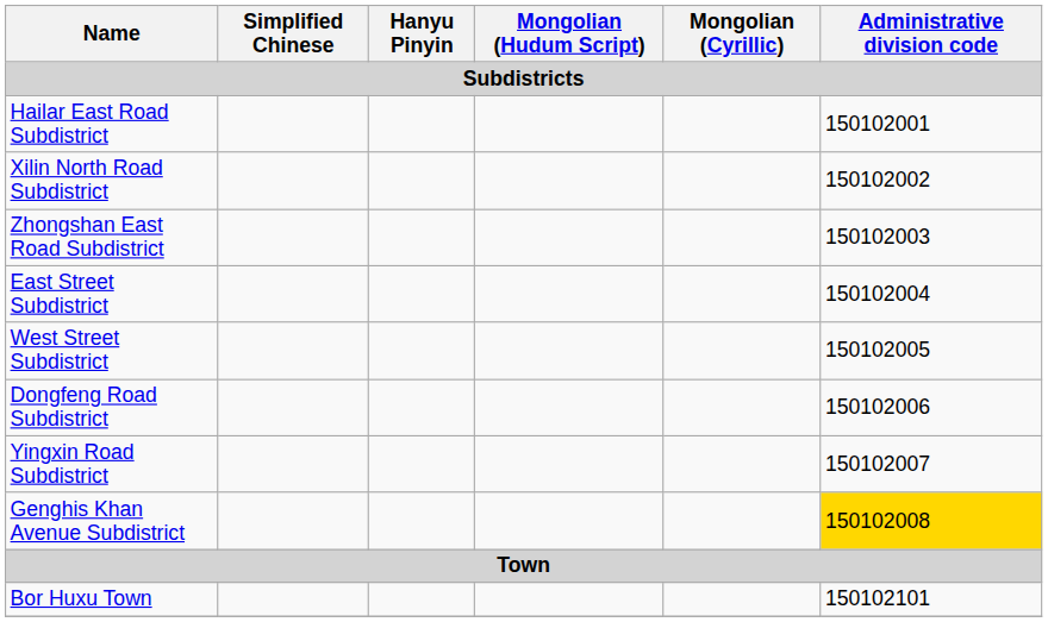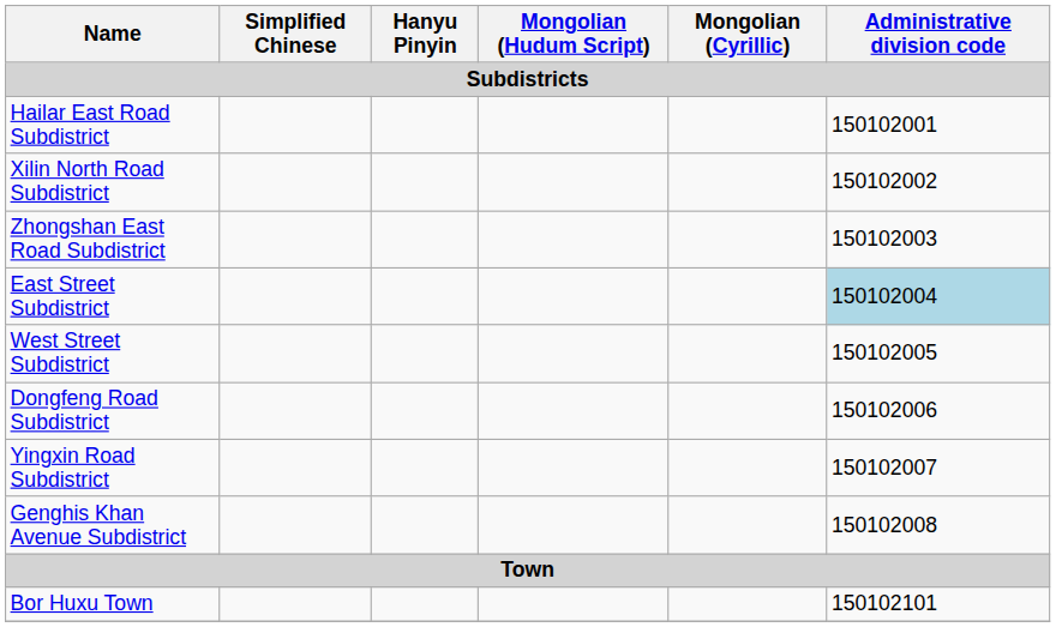 <table class="wikitable" align="center" style="width:50%; border="1">
 <tr>
 <th>Name</th>
 <th>Simplified Chinese</th>
 <th>Hanyu Pinyin</th>
 <th><a href='#'>Mongolian</a> (<a href='#'>Hudum Script</a>)</th>
 <th>Mongolian (<a href='#'>Cyrillic</a>)</th>
 <th><a href='#'>Administrative division code</a></th>
 </tr>
 <tr>
 <td colspan="6"  style="text-align:center; background:#d3d3d3;"><strong>Subdistricts</strong></td>
 </tr>
 <tr --------->
 <td><a href='#'>Hailar East Road Subdistrict</a></td>
 <td></td>
 <td></td>
 <td></td>
 <td></td>
 <td>150102001</td>
 </tr>
 <tr>
 <td><a href='#'>Xilin North Road Subdistrict</a></td>
 <td></td>
 <td></td>
 <td></td>
 <td></td>
 <td>150102002</td>
 </tr>
 <tr>
 <td><a href='#'>Zhongshan East Road Subdistrict</a></td>
 <td></td>
 <td></td>
 <td></td>
 <td></td>
 <td>150102003</td>
 </tr>
 <tr>
 <td><a href='#'>East Street Subdistrict</a></td>
 <td></td>
 <td></td>
 <td></td>
 <td></td>
-<td>150102004</td>
+<td style="background: lightblue;">150102004</td>
 </tr>
 <tr>
 <td><a href='#'>West Street Subdistrict</a></td>
 <td></td>
 <td></td>
 <td></td>
 <td></td>
 <td>150102005</td>
 </tr>
 <tr>
 <td><a href='#'>Dongfeng Road Subdistrict</a></td>
 <td></td>
 <td></td>
 <td></td>
 <td></td>
 <td>150102006</td>
 </tr>
 <tr>
 <td><a href='#'>Yingxin Road Subdistrict</a></td>
 <td></td>
 <td></td>
 <td></td>
 <td></td>
 <td>150102007</td>
 </tr>
 <tr>
 <td><a href='#'>Genghis Khan Avenue Subdistrict</a></td>
 <td></td>
 <td></td>
 <td></td>
 <td></td>
-<td style="background: gold;">150102008</td>
+<td>150102008</td>
 </tr>
 <tr>
 <td colspan="6"  style="text-align:center; background:#d3d3d3;"><strong>Town</strong></td>
 </tr>
 <tr --------->
 <td><a href='#'>Bor Huxu Town</a></td>
 <td></td>
 <td></td>
 <td></td>
 <td></td>
 <td>150102101</td>
 </tr>
 <tr>
 </tr>
 </table>
